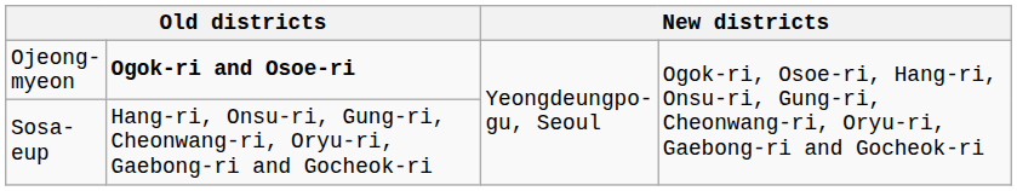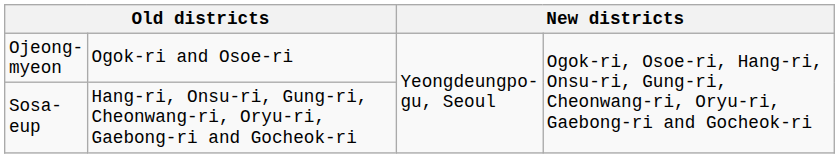 <table class="wikitable">
 <tr>
 <th colspan=2, style="width:50%">Old districts</th>
 <th colspan=2, style="width:50%">New districts</th>
 </tr>
 <tr>
 <td>Ojeong-myeon</td>
-<td><strong>Ogok-ri and Osoe-ri</strong></td>
+<td>Ogok-ri and Osoe-ri</td>
 <td rowspan=2>Yeongdeungpo-gu, Seoul</td>
 <td rowspan=2>Ogok-ri, Osoe-ri, Hang-ri, Onsu-ri, Gung-ri, Cheonwang-ri, Oryu-ri, Gaebong-ri and Gocheok-ri</td>
 </tr>
 <tr>
 <td>Sosa-eup</td>
 <td>Hang-ri, Onsu-ri, Gung-ri, Cheonwang-ri, Oryu-ri, Gaebong-ri and Gocheok-ri</td>
 </tr>
 </table>
